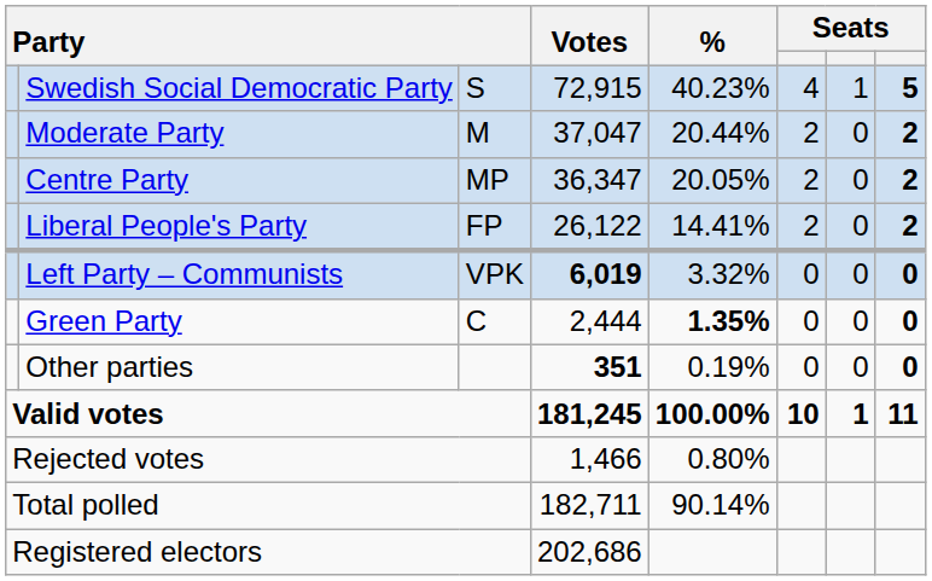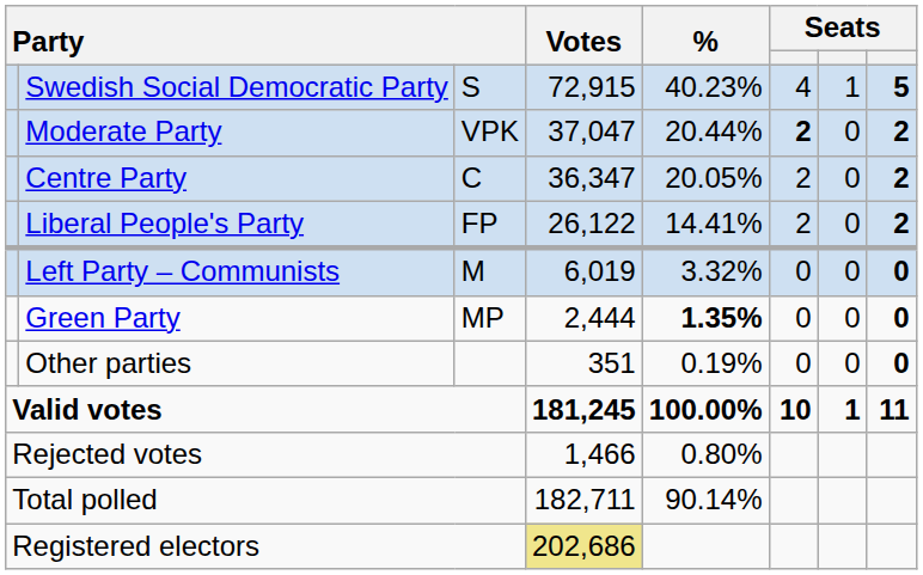 <table class="wikitable" border="1" style="text-align:right;">
 <tr>
 <th style="text-align:left;" valign=bottom rowspan=2 colspan=3>Party</th>
 <th align=center valign=bottom rowspan=2 width="50">Votes</th>
 <th align=center valign=bottom rowspan=2 width="50">%</th>
 <th colspan=3>Seats</th>
 </tr>
 <tr>
 <th align=center valign=bottom width="20"><small></small></th>
 <th align=center valign=bottom width="20"><small><a href='#'></a></small></th>
 <th align=center valign=bottom width="20"><small></small></th>
 </tr>
 <tr style="background:#CEE0F2;">
 <td></td>
 <td align=left style="white-space: nowrap;"><a href='#'>Swedish Social Democratic Party</a></td>
 <td align=left>S</td>
 <td>72,915</td>
 <td>40.23%</td>
 <td>4</td>
 <td>1</td>
 <td><strong>5</strong></td>
 </tr>
 <tr style="background:#CEE0F2;">
 <td></td>
 <td align=left><a href='#'>Moderate Party</a></td>
-<td align=left>M</td>
+<td align=left>VPK</td>
 <td>37,047</td>
 <td>20.44%</td>
-<td>2</td>
+<td><strong>2</strong></td>
 <td>0</td>
 <td><strong>2</strong></td>
 </tr>
 <tr style="background:#CEE0F2;">
 <td></td>
 <td align=left><a href='#'>Centre Party</a></td>
-<td align=left>MP</td>
+<td align=left>C</td>
 <td>36,347</td>
 <td>20.05%</td>
 <td>2</td>
 <td>0</td>
 <td><strong>2</strong></td>
 </tr>
 <tr style="background:#CEE0F2;">
 <td></td>
 <td align=left><a href='#'>Liberal People's Party</a></td>
 <td align=left>FP</td>
 <td>26,122</td>
 <td>14.41%</td>
 <td>2</td>
 <td>0</td>
 <td><strong>2</strong></td>
 </tr>
 <tr style="background:#CEE0F2; border-top:3px solid darkgray;">
 <td></td>
 <td align=left><a href='#'>Left Party – Communists</a></td>
-<td align=left>VPK</td>
-<td><strong>6,019</strong></td>
+<td align=left>M</td>
+<td>6,019</td>
 <td>3.32%</td>
 <td>0</td>
 <td>0</td>
 <td><strong>0</strong></td>
 </tr>
 <tr>
 <td></td>
 <td align=left><a href='#'>Green Party</a></td>
-<td align=left>C</td>
+<td align=left>MP</td>
 <td>2,444</td>
 <td><strong>1.35%</strong></td>
 <td>0</td>
 <td>0</td>
 <td><strong>0</strong></td>
 </tr>
 <tr>
 <td></td>
 <td align=left>Other parties</td>
 <td></td>
-<td><strong>351</strong></td>
+<td>351</td>
 <td>0.19%</td>
 <td>0</td>
 <td>0</td>
 <td><strong>0</strong></td>
 </tr>
 <tr style="font-weight:bold">
 <td align=left colspan=3>Valid votes</td>
 <td>181,245</td>
 <td>100.00%</td>
 <td>10</td>
 <td>1</td>
 <td>11</td>
 </tr>
 <tr>
 <td align=left colspan=3>Rejected votes</td>
 <td>1,466</td>
 <td>0.80%</td>
 <td></td>
 <td></td>
 <td></td>
 </tr>
 <tr>
 <td align=left colspan=3>Total polled</td>
 <td>182,711</td>
 <td>90.14%</td>
 <td></td>
 <td></td>
 <td></td>
 </tr>
 <tr>
 <td align=left colspan=3>Registered electors</td>
-<td>202,686</td>
+<td style="background: khaki;">202,686</td>
 <td></td>
 <td></td>
 <td></td>
 <td></td>
 </tr>
 </table>
